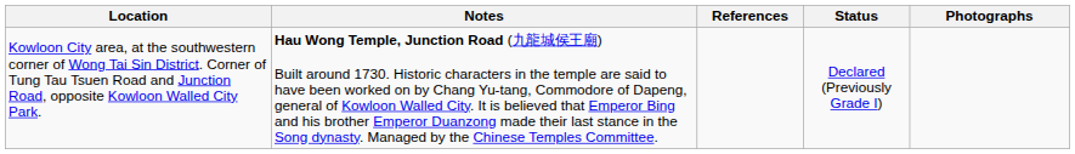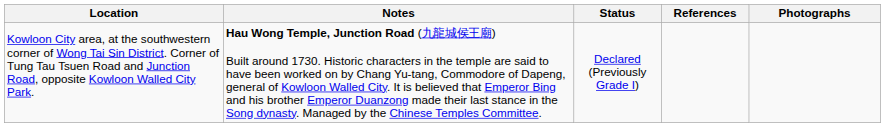 <table class="wikitable sortable" style="width:95%">
 <tr>
 <th width="25%">Location</th>
 <th width="40%">Notes</th>
+<th width="10%">Status</th>
 <th width="10%">References</th>
-<th width="10%">Status</th>
 <th width="15%">Photographs</th>
 </tr>
 <tr>
 <td><a href='#'>Kowloon City</a> area, at the southwestern corner of <a href='#'>Wong Tai Sin District</a>. Corner of Tung Tau Tsuen Road and <a href='#'>Junction Road</a>, opposite <a href='#'>Kowloon Walled City Park</a>.<br><br></td>
 <td><strong>Hau Wong Temple, Junction Road</strong> (<a href='#'>九龍城侯王廟</a>)<br><br>Built around 1730. Historic characters in the temple are said to have been worked on by Chang Yu-tang, Commodore of Dapeng, general of <a href='#'>Kowloon Walled City</a>. It is believed that <a href='#'>Emperor Bing</a> and his brother <a href='#'>Emperor Duanzong</a> made their last stance in the <a href='#'>Song dynasty</a>. Managed by the <a href='#'>Chinese Temples Committee</a>.</td>
+<td style="text-align:center"><a href='#'>Declared</a><br>(Previously <a href='#'>Grade I</a>)</td>
 <td>   </td>
-<td style="text-align:center"><a href='#'>Declared</a><br>(Previously <a href='#'>Grade I</a>)</td>
 <td></td>
 </tr>
 </table>
